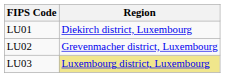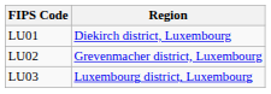 <table class="wikitable">
 <tr>
 <th>FIPS Code</th>
 <th>Region</th>
 </tr>
 <tr>
 <td>LU01</td>
 <td><a href='#'>Diekirch district, Luxembourg</a></td>
 </tr>
 <tr>
 <td>LU02</td>
 <td><a href='#'>Grevenmacher district, Luxembourg</a></td>
 </tr>
 <tr>
 <td>LU03</td>
-<td style="background: khaki;"><a href='#'>Luxembourg district, Luxembourg</a></td>
+<td><a href='#'>Luxembourg district, Luxembourg</a></td>
 </tr>
 </table>
